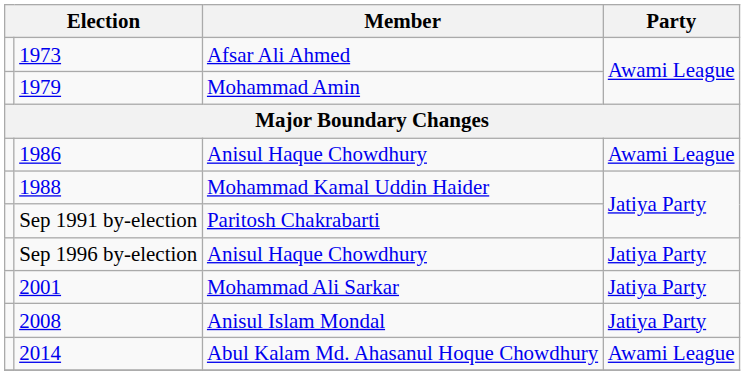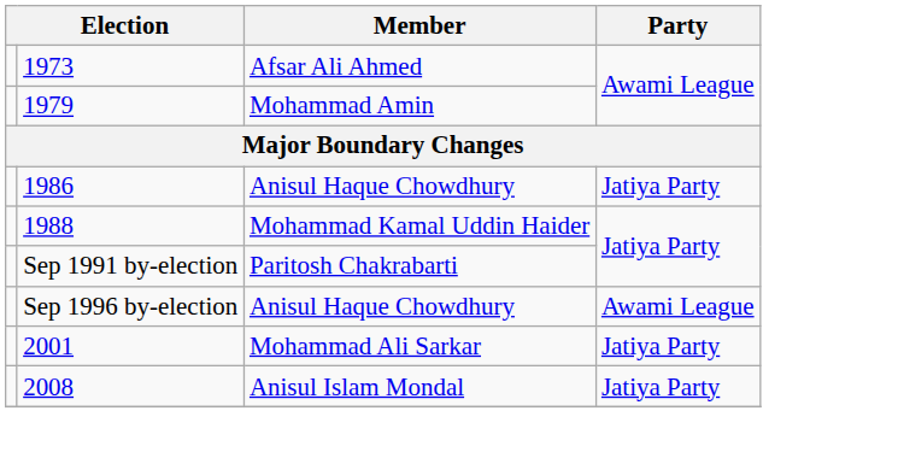 <table class="wikitable">
 <tr>
 <th colspan="2">Election</th>
 <th>Member</th>
 <th>Party</th>
 </tr>
 <tr>
 <td style="background-color:"></td>
 <td><a href='#'>1973</a></td>
 <td><a href='#'>Afsar Ali Ahmed</a></td>
 <td rowspan="2"><a href='#'>Awami League</a></td>
 </tr>
 <tr>
 <td style="background-color:"></td>
 <td><a href='#'>1979</a></td>
 <td><a href='#'>Mohammad Amin</a></td>
 </tr>
 <tr>
 <th colspan="4">Major Boundary Changes</th>
 </tr>
 <tr>
 <td style="background-color:"></td>
 <td><a href='#'>1986</a></td>
 <td><a href='#'>Anisul Haque Chowdhury</a></td>
-<td><a href='#'>Awami League</a></td>
+<td><a href='#'>Jatiya Party</a></td>
 </tr>
 <tr>
 <td style="background-color:"></td>
 <td><a href='#'>1988</a></td>
 <td><a href='#'>Mohammad Kamal Uddin Haider</a></td>
 <td rowspan="2"><a href='#'>Jatiya Party</a></td>
 </tr>
 <tr>
 <td style="background-color:"></td>
 <td>Sep 1991 by-election</td>
 <td><a href='#'>Paritosh Chakrabarti</a></td>
 </tr>
 <tr>
 <td style="background-color:"></td>
 <td>Sep 1996 by-election</td>
 <td><a href='#'>Anisul Haque Chowdhury</a></td>
-<td><a href='#'>Jatiya Party</a></td>
+<td><a href='#'>Awami League</a></td>
 </tr>
 <tr>
 <td style="background-color:"></td>
 <td><a href='#'>2001</a></td>
 <td><a href='#'>Mohammad Ali Sarkar</a></td>
 <td><a href='#'>Jatiya Party</a></td>
 </tr>
 <tr>
 <td style="background-color:"></td>
 <td><a href='#'>2008</a></td>
 <td><a href='#'>Anisul Islam Mondal</a></td>
 <td><a href='#'>Jatiya Party</a></td>
 </tr>
 <tr>
-<td style="background-color:"></td>
-<td><a href='#'>2014</a></td>
-<td><a href='#'>Abul Kalam Md. Ahasanul Hoque Chowdhury</a></td>
-<td><a href='#'>Awami League</a></td>
-</tr>
-<tr>
 </tr>
 </table>
